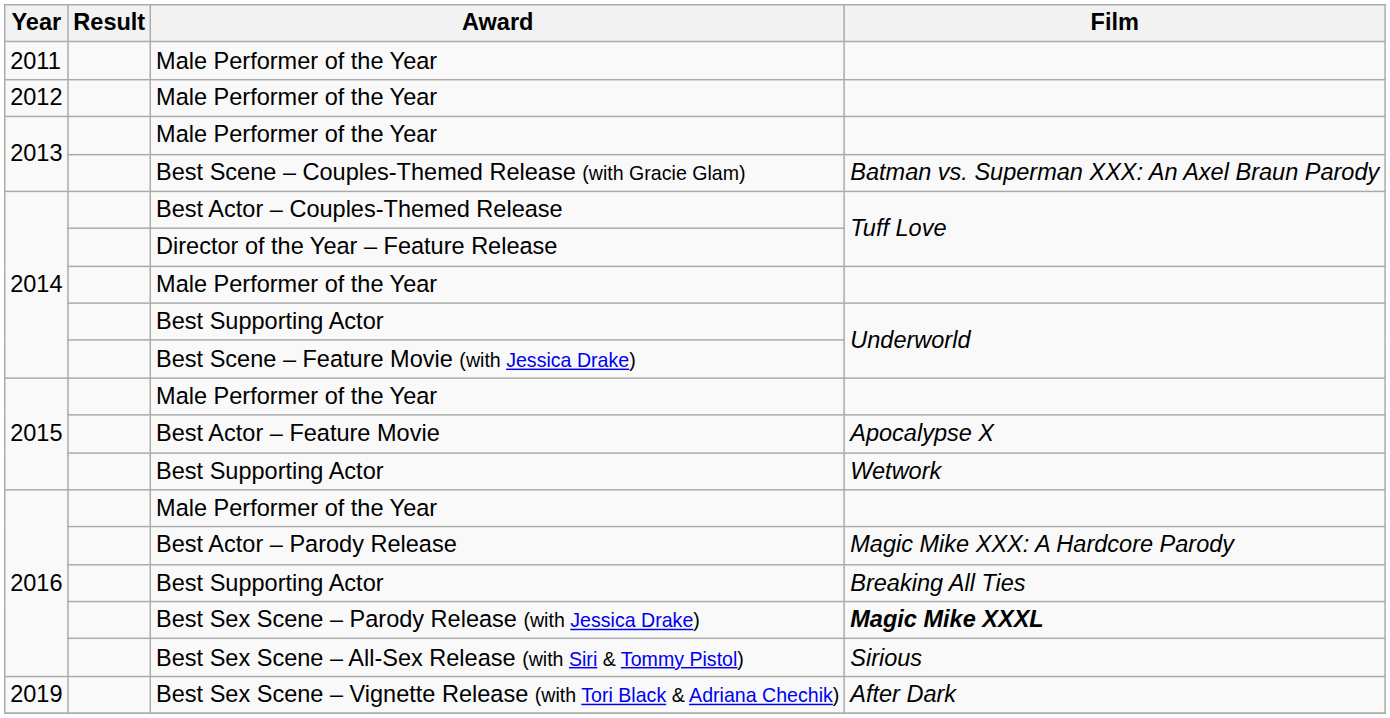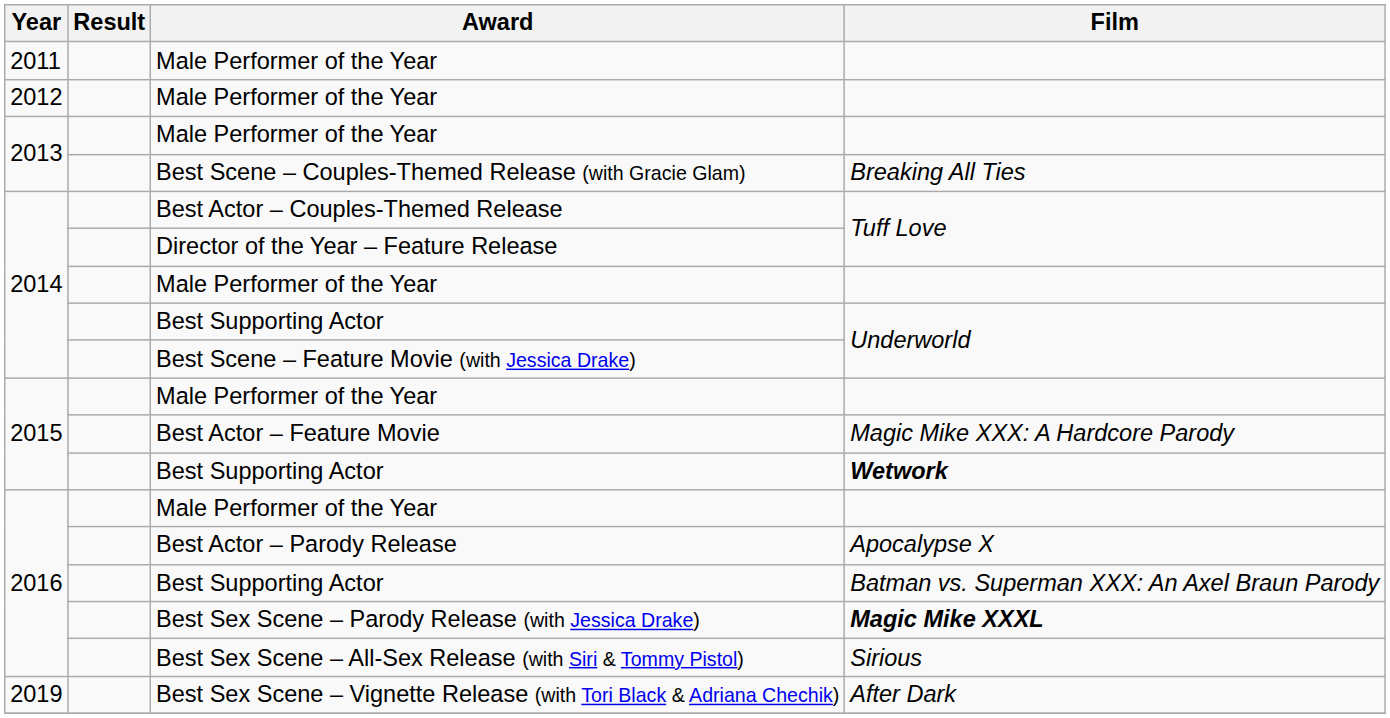 <table class="wikitable">
 <tr>
 <th>Year</th>
 <th>Result</th>
 <th>Award</th>
 <th>Film</th>
 </tr>
 <tr>
 <td>2011</td>
 <td></td>
 <td>Male Performer of the Year</td>
 <td></td>
 </tr>
 <tr>
 <td>2012</td>
 <td></td>
 <td>Male Performer of the Year</td>
 <td></td>
 </tr>
 <tr>
 <td rowspan="2">2013</td>
 <td></td>
 <td>Male Performer of the Year</td>
 <td></td>
 </tr>
 <tr>
 <td></td>
 <td>Best Scene – Couples-Themed Release <small>(with Gracie Glam)</small></td>
-<td><em>Batman vs. Superman XXX: An Axel Braun Parody</em></td>
+<td><em>Breaking All Ties</em></td>
 </tr>
 <tr>
 <td rowspan="5">2014</td>
 <td></td>
 <td>Best Actor – Couples-Themed Release</td>
 <td rowspan="2"><em>Tuff Love</em></td>
 </tr>
 <tr>
 <td></td>
 <td>Director of the Year – Feature Release</td>
 </tr>
 <tr>
 <td></td>
 <td>Male Performer of the Year</td>
 <td></td>
 </tr>
 <tr>
 <td></td>
 <td>Best Supporting Actor</td>
 <td rowspan="2"><em>Underworld</em></td>
 </tr>
 <tr>
 <td></td>
 <td>Best Scene – Feature Movie <small>(with <a href='#'>Jessica Drake</a>)</small></td>
 </tr>
 <tr>
 <td rowspan="3">2015</td>
 <td></td>
 <td>Male Performer of the Year</td>
 <td></td>
 </tr>
 <tr>
 <td></td>
 <td>Best Actor – Feature Movie</td>
-<td><em>Apocalypse X</em></td>
+<td><em>Magic Mike XXX: A Hardcore Parody</em></td>
 </tr>
 <tr>
 <td></td>
 <td>Best Supporting Actor</td>
-<td><em>Wetwork</em></td>
+<td><strong><em>Wetwork</em></strong></td>
 </tr>
 <tr>
 <td rowspan="5">2016</td>
 <td></td>
 <td>Male Performer of the Year</td>
 <td></td>
 </tr>
 <tr>
 <td></td>
 <td>Best Actor – Parody Release</td>
-<td><em>Magic Mike XXX: A Hardcore Parody</em></td>
+<td><em>Apocalypse X</em></td>
 </tr>
 <tr>
 <td></td>
 <td>Best Supporting Actor</td>
-<td><em>Breaking All Ties</em></td>
+<td><em>Batman vs. Superman XXX: An Axel Braun Parody</em></td>
 </tr>
 <tr>
 <td></td>
 <td>Best Sex Scene – Parody Release <small>(with <a href='#'>Jessica Drake</a>)</small></td>
 <td><strong><em>Magic Mike XXXL</em></strong></td>
 </tr>
 <tr>
 <td></td>
 <td>Best Sex Scene – All-Sex Release <small>(with <a href='#'>Siri</a> & <a href='#'>Tommy Pistol</a>)</small></td>
 <td><em>Sirious</em></td>
 </tr>
 <tr>
 <td rowspan="1">2019</td>
 <td></td>
 <td>Best Sex Scene – Vignette Release <small>(with <a href='#'>Tori Black</a> & <a href='#'>Adriana Chechik</a>)</small></td>
 <td><em>After Dark</em></td>
 </tr>
 <tr>
 </tr>
 </table>
